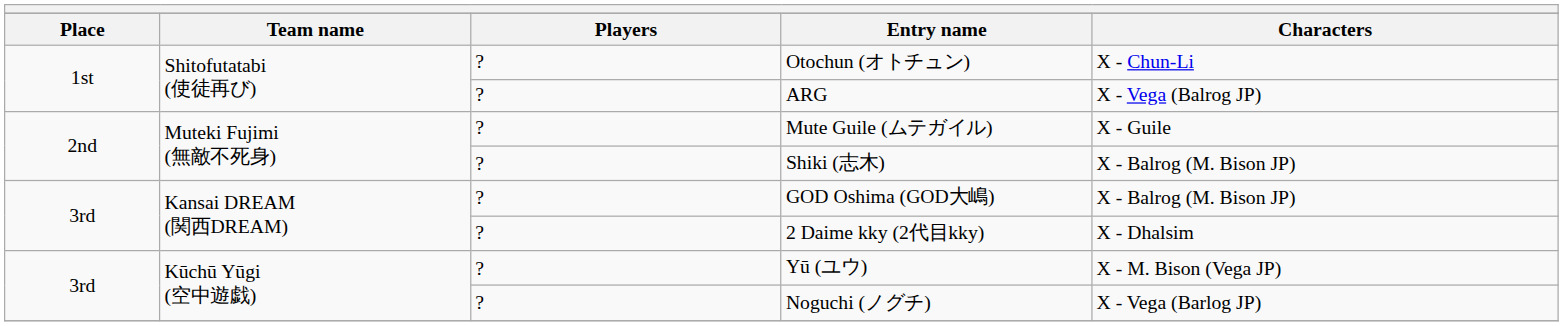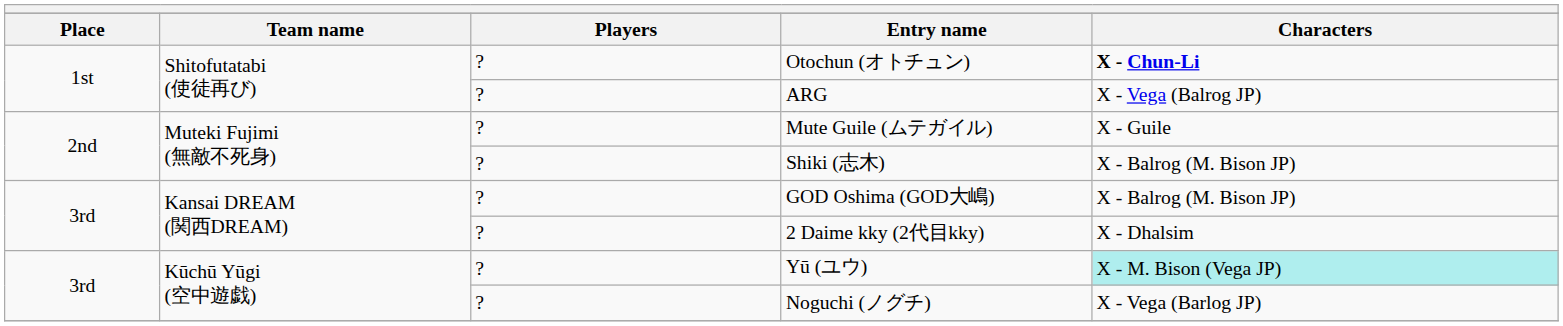 <table class="wikitable" width=100%>
 <tr>
 <th colspan=5></th>
 </tr>
 <tr bgcolor="#dddddd">
 </tr>
 <tr>
 <th width=10%>Place</th>
 <th width=20%>Team name</th>
 <th width=20%>Players</th>
 <th width=20%>Entry name</th>
 <th width=30%>Characters</th>
 </tr>
 <tr>
 <td align=center rowspan="2">1st</td>
 <td rowspan="2">Shitofutatabi<br>(使徒再び)</td>
 <td>?</td>
 <td>Otochun (オトチュン)</td>
-<td>X - <a href='#'>Chun-Li</a></td>
+<td><strong>X - <a href='#'>Chun-Li</a></strong></td>
 </tr>
 <tr>
 <td>?</td>
 <td>ARG</td>
 <td>X - <a href='#'>Vega</a> (Balrog JP)</td>
 </tr>
 <tr>
 <td align=center rowspan="2">2nd</td>
 <td rowspan="2">Muteki Fujimi<br>(無敵不死身)</td>
 <td>?</td>
 <td>Mute Guile (ムテガイル)</td>
 <td>X - Guile</td>
 </tr>
 <tr>
 <td>?</td>
 <td>Shiki (志木)</td>
 <td>X - Balrog (M. Bison JP)</td>
 </tr>
 <tr>
 <td align=center rowspan="2">3rd</td>
 <td rowspan="2">Kansai DREAM<br>(関西DREAM)</td>
 <td>?</td>
 <td>GOD Oshima (GOD大嶋)</td>
 <td>X - Balrog (M. Bison JP)</td>
 </tr>
 <tr>
 <td>?</td>
 <td>2 Daime kky (2代目kky)</td>
 <td>X - Dhalsim</td>
 </tr>
 <tr>
 <td align=center rowspan="2">3rd</td>
 <td rowspan="2">Kūchū Yūgi<br>(空中遊戯)</td>
 <td>?</td>
 <td>Yū (ユウ)</td>
-<td>X - M. Bison (Vega JP)</td>
+<td style="background: paleturquoise;">X - M. Bison (Vega JP)</td>
 </tr>
 <tr>
 <td>?</td>
 <td>Noguchi (ノグチ)</td>
 <td>X - Vega (Barlog JP)</td>
 </tr>
 <tr>
 </tr>
 </table>
